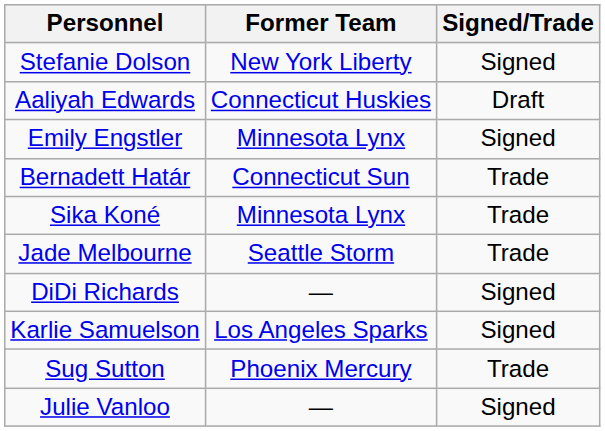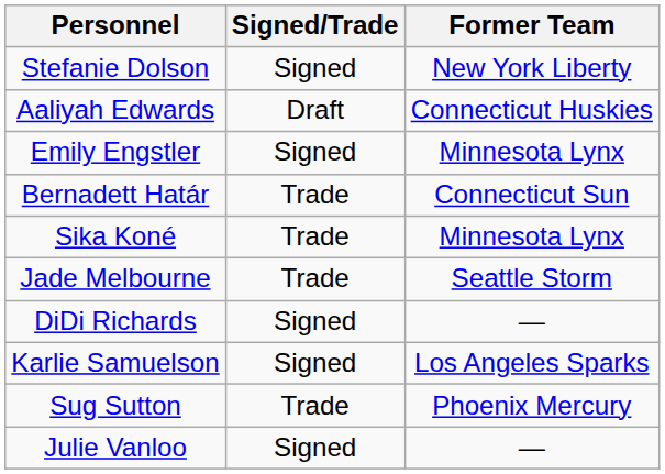 <table class="wikitable" style="text-align: center">
 <tr align="center" bgcolor="#dddddd">
 <th><strong>Personnel</strong></th>
+<th><strong>Signed/Trade</strong></th>
 <th><strong>Former Team</strong></th>
-<th><strong>Signed/Trade</strong></th>
 </tr>
 <tr>
 <td><a href='#'>Stefanie Dolson</a></td>
+<td>Signed</td>
 <td><a href='#'>New York Liberty</a></td>
-<td>Signed</td>
 </tr>
 <tr>
 <td><a href='#'>Aaliyah Edwards</a></td>
+<td>Draft</td>
 <td><a href='#'>Connecticut Huskies</a></td>
-<td>Draft</td>
 </tr>
 <tr>
 <td><a href='#'>Emily Engstler</a></td>
+<td>Signed</td>
 <td><a href='#'>Minnesota Lynx</a></td>
-<td>Signed</td>
 </tr>
 <tr>
 <td><a href='#'>Bernadett Határ</a></td>
+<td>Trade</td>
 <td><a href='#'>Connecticut Sun</a></td>
-<td>Trade</td>
 </tr>
 <tr>
 <td><a href='#'>Sika Koné</a></td>
+<td>Trade</td>
 <td><a href='#'>Minnesota Lynx</a></td>
-<td>Trade</td>
 </tr>
 <tr>
 <td><a href='#'>Jade Melbourne</a></td>
+<td>Trade</td>
 <td><a href='#'>Seattle Storm</a></td>
-<td>Trade</td>
 </tr>
 <tr>
 <td><a href='#'>DiDi Richards</a></td>
+<td>Signed</td>
 <td>—</td>
-<td>Signed</td>
 </tr>
 <tr>
 <td><a href='#'>Karlie Samuelson</a></td>
+<td>Signed</td>
 <td><a href='#'>Los Angeles Sparks</a></td>
-<td>Signed</td>
 </tr>
 <tr>
 <td><a href='#'>Sug Sutton</a></td>
+<td>Trade</td>
 <td><a href='#'>Phoenix Mercury</a></td>
-<td>Trade</td>
 </tr>
 <tr>
 <td><a href='#'>Julie Vanloo</a></td>
+<td>Signed</td>
 <td>—</td>
-<td>Signed</td>
 </tr>
 </table>
